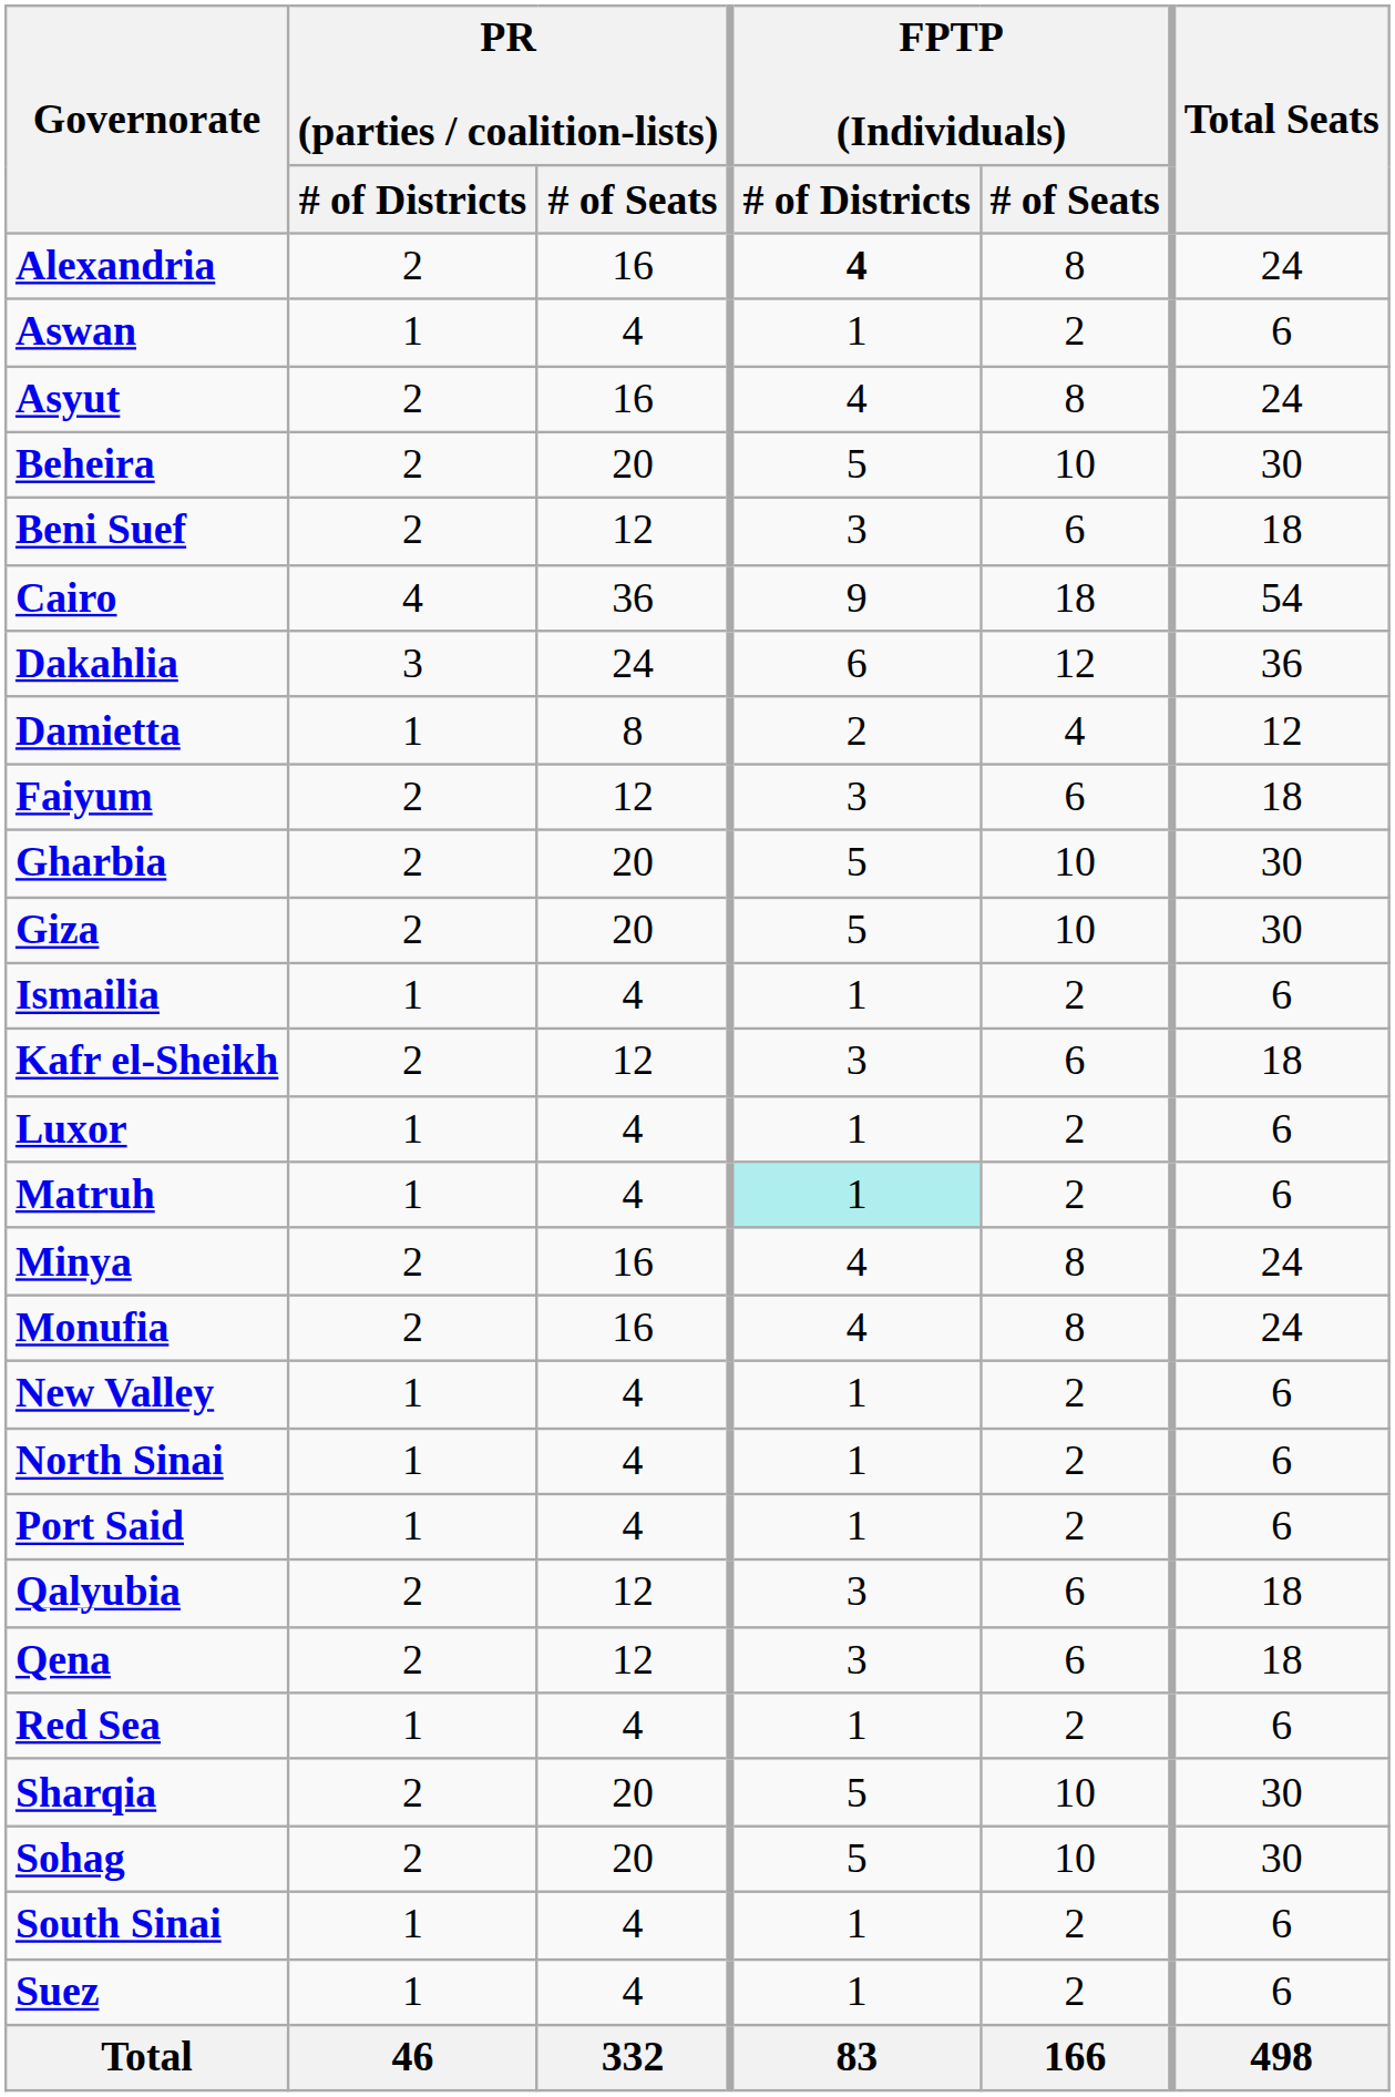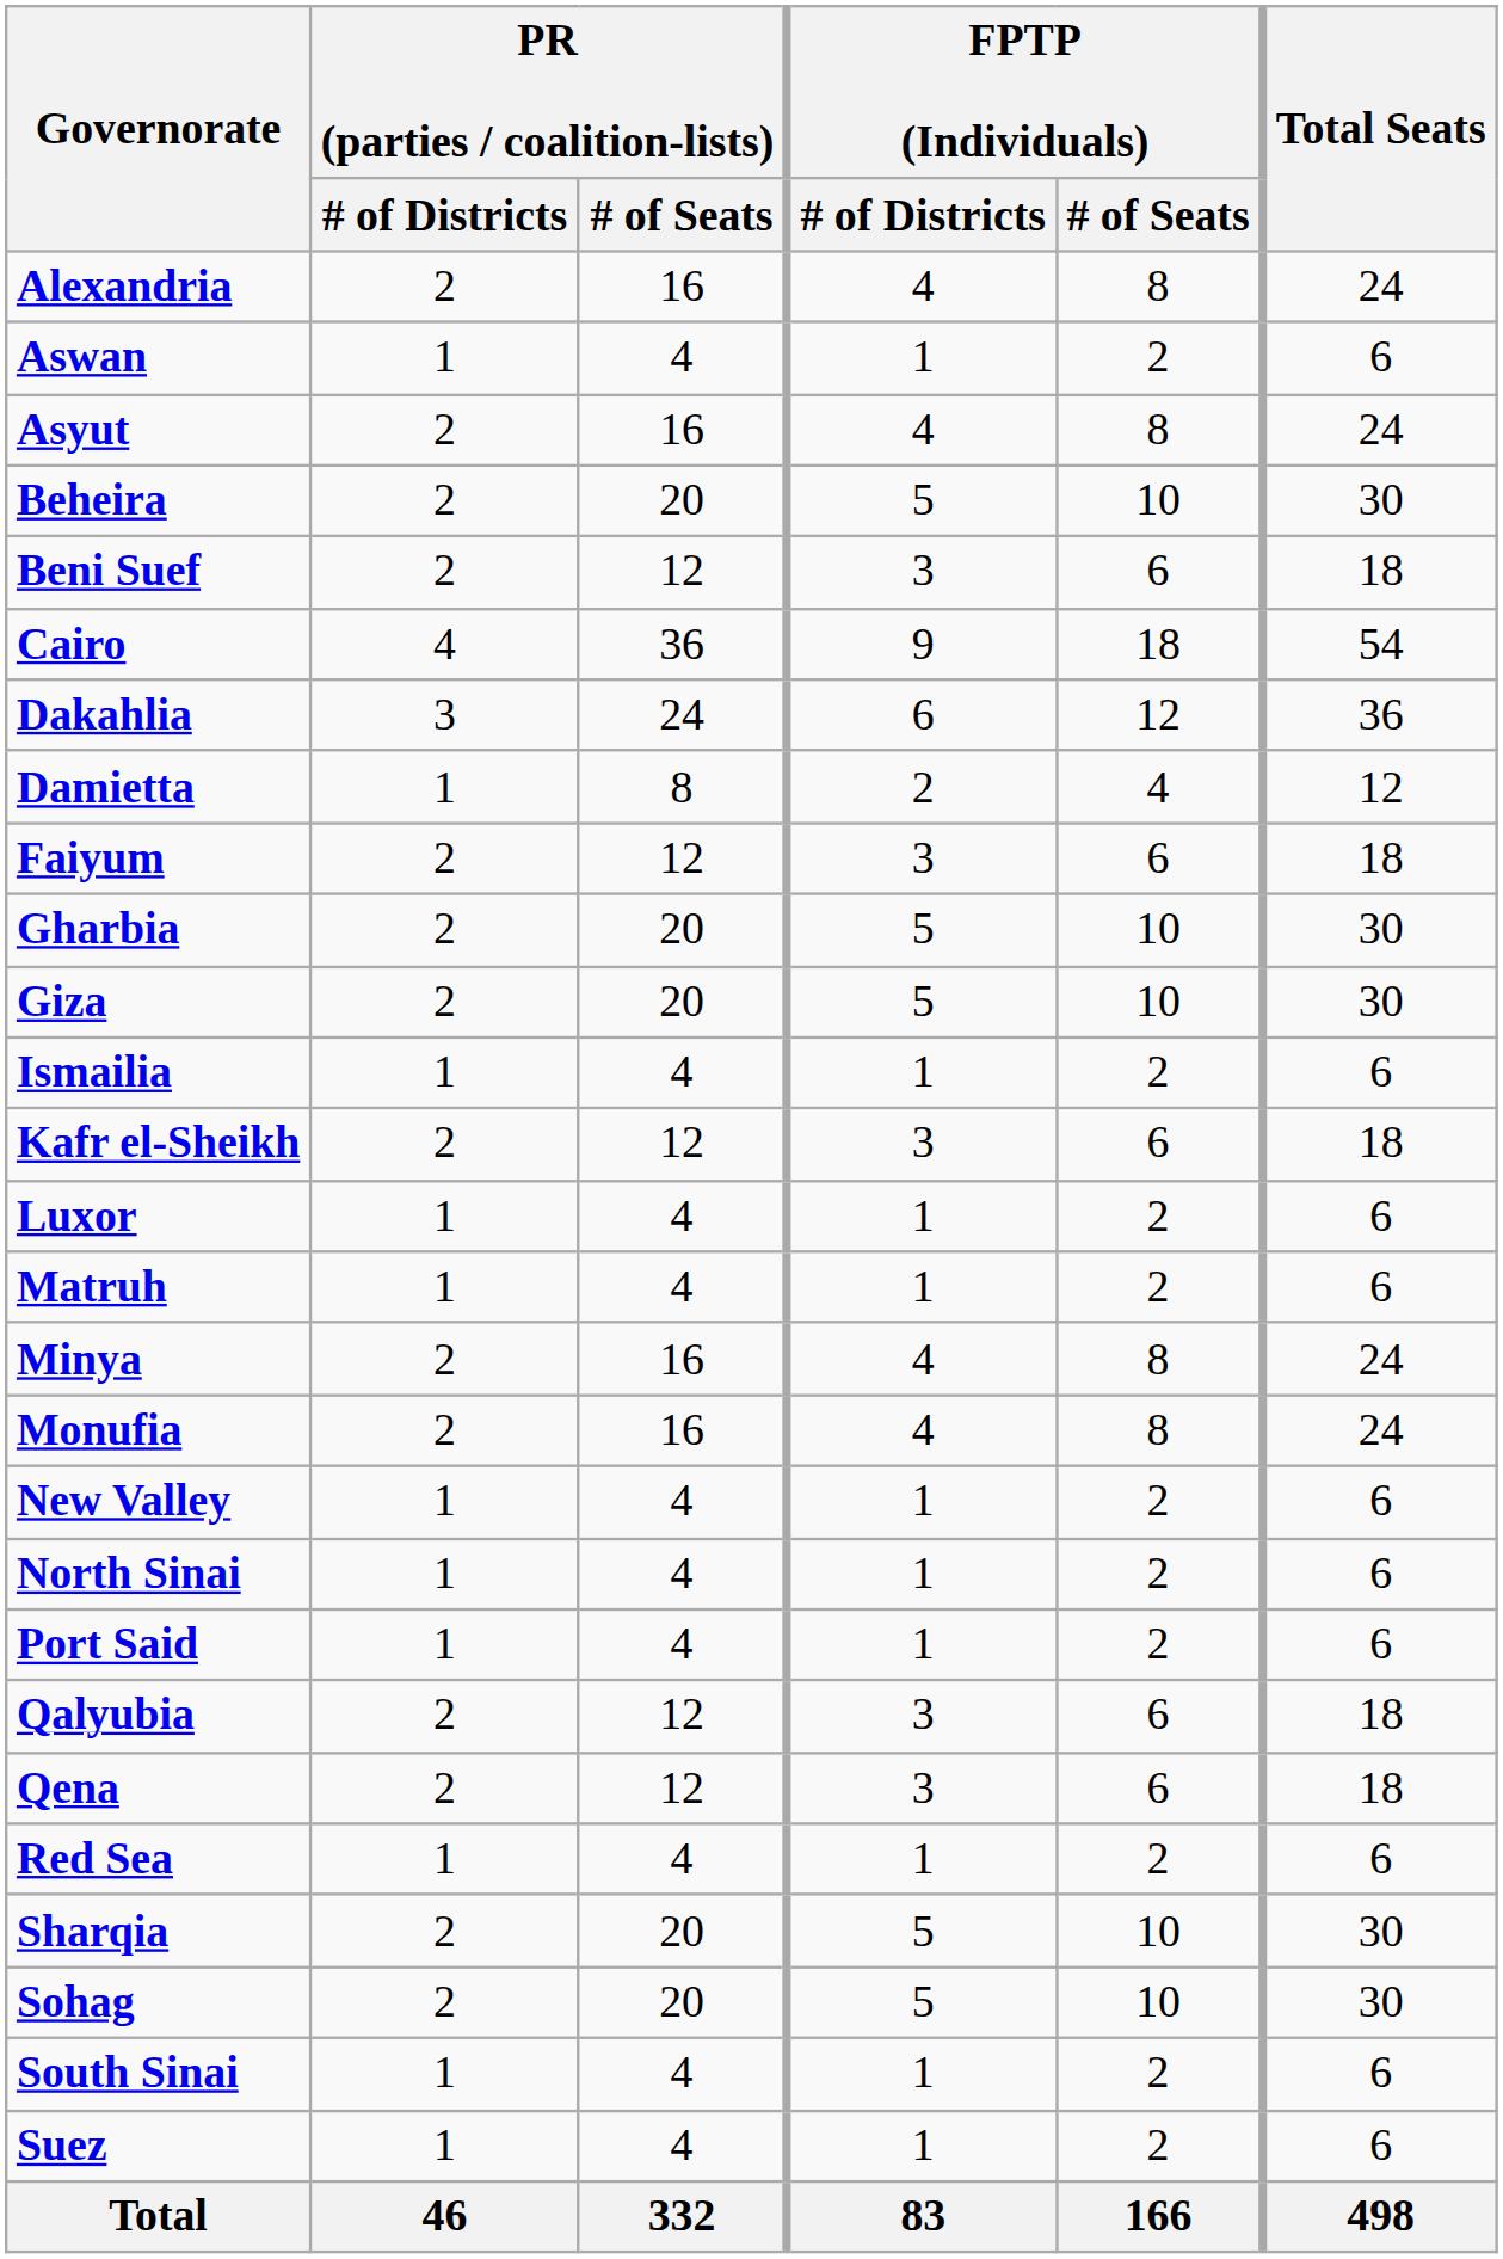 <table class="wikitable sortable">
 <tr>
 <th rowspan="2">Governorate</th>
 <th colspan="2" style="border-right: 3px solid darkgrey;">PR <br><br>(parties / coalition-lists)</th>
 <th colspan="2" style="border-right: 3px solid darkgrey;">FPTP <br><br>(Individuals)</th>
 <th rowspan="2">Total Seats</th>
 </tr>
 <tr>
 <th># of Districts</th>
 <th style="border-right: 3px solid darkgrey;"># of Seats</th>
 <th># of Districts</th>
 <th style="border-right: 3px solid darkgrey;"># of Seats</th>
 </tr>
 <tr>
 <td><strong><a href='#'>Alexandria</a></strong></td>
 <td style="text-align:center;">2</td>
 <td style="text-align:center; border-right:3px solid darkgrey;">16</td>
-<td style="text-align:center;"><strong>4</strong></td>
+<td style="text-align:center;">4</td>
 <td style="text-align:center; border-right:3px solid darkgrey;">8</td>
 <td style="text-align:center;">24</td>
 </tr>
 <tr>
 <td><strong><a href='#'>Aswan</a></strong></td>
 <td style="text-align:center;">1</td>
 <td style="text-align:center; border-right:3px solid darkgrey;">4</td>
 <td style="text-align:center;">1</td>
 <td style="text-align:center; border-right:3px solid darkgrey;">2</td>
 <td style="text-align:center;">6</td>
 </tr>
 <tr>
 <td><strong><a href='#'>Asyut</a></strong></td>
 <td style="text-align:center;">2</td>
 <td style="text-align:center; border-right:3px solid darkgrey;">16</td>
 <td style="text-align:center;">4</td>
 <td style="text-align:center; border-right:3px solid darkgrey;">8</td>
 <td style="text-align:center;">24</td>
 </tr>
 <tr>
 <td><strong><a href='#'>Beheira</a></strong></td>
 <td style="text-align:center;">2</td>
 <td style="text-align:center; border-right:3px solid darkgrey;">20</td>
 <td style="text-align:center;">5</td>
 <td style="text-align:center; border-right:3px solid darkgrey;">10</td>
 <td style="text-align:center;">30</td>
 </tr>
 <tr>
 <td><strong><a href='#'>Beni Suef</a></strong></td>
 <td style="text-align:center;">2</td>
 <td style="text-align:center; border-right:3px solid darkgrey;">12</td>
 <td style="text-align:center;">3</td>
 <td style="text-align:center; border-right:3px solid darkgrey;">6</td>
 <td style="text-align:center;">18</td>
 </tr>
 <tr>
 <td><strong><a href='#'>Cairo</a></strong></td>
 <td style="text-align:center;">4</td>
 <td style="text-align:center; border-right:3px solid darkgrey;">36</td>
 <td style="text-align:center;">9</td>
 <td style="text-align:center; border-right:3px solid darkgrey;">18</td>
 <td style="text-align:center;">54</td>
 </tr>
 <tr>
 <td><strong><a href='#'>Dakahlia</a></strong></td>
 <td style="text-align:center;">3</td>
 <td style="text-align:center; border-right:3px solid darkgrey;">24</td>
 <td style="text-align:center;">6</td>
 <td style="text-align:center; border-right:3px solid darkgrey;">12</td>
 <td style="text-align:center;">36</td>
 </tr>
 <tr>
 <td><strong><a href='#'>Damietta</a></strong></td>
 <td style="text-align:center;">1</td>
 <td style="text-align:center; border-right:3px solid darkgrey;">8</td>
 <td style="text-align:center;">2</td>
 <td style="text-align:center; border-right:3px solid darkgrey;">4</td>
 <td style="text-align:center;">12</td>
 </tr>
 <tr>
 <td><strong><a href='#'>Faiyum</a></strong></td>
 <td style="text-align:center;">2</td>
 <td style="text-align:center; border-right:3px solid darkgrey;">12</td>
 <td style="text-align:center;">3</td>
 <td style="text-align:center; border-right:3px solid darkgrey;">6</td>
 <td style="text-align:center;">18</td>
 </tr>
 <tr>
 <td><strong><a href='#'>Gharbia</a></strong></td>
 <td style="text-align:center;">2</td>
 <td style="text-align:center; border-right:3px solid darkgrey;">20</td>
 <td style="text-align:center;">5</td>
 <td style="text-align:center; border-right:3px solid darkgrey;">10</td>
 <td style="text-align:center;">30</td>
 </tr>
 <tr>
 <td><strong><a href='#'>Giza</a></strong></td>
 <td style="text-align:center;">2</td>
 <td style="text-align:center; border-right:3px solid darkgrey;">20</td>
 <td style="text-align:center;">5</td>
 <td style="text-align:center; border-right:3px solid darkgrey;">10</td>
 <td style="text-align:center;">30</td>
 </tr>
 <tr>
 <td><strong><a href='#'>Ismailia</a></strong></td>
 <td style="text-align:center;">1</td>
 <td style="text-align:center; border-right:3px solid darkgrey;">4</td>
 <td style="text-align:center;">1</td>
 <td style="text-align:center; border-right:3px solid darkgrey;">2</td>
 <td style="text-align:center;">6</td>
 </tr>
 <tr>
 <td><strong><a href='#'>Kafr el-Sheikh</a></strong></td>
 <td style="text-align:center;">2</td>
 <td style="text-align:center; border-right:3px solid darkgrey;">12</td>
 <td style="text-align:center;">3</td>
 <td style="text-align:center; border-right:3px solid darkgrey;">6</td>
 <td style="text-align:center;">18</td>
 </tr>
 <tr>
 <td><strong><a href='#'>Luxor</a></strong></td>
 <td style="text-align:center;">1</td>
 <td style="text-align:center; border-right:3px solid darkgrey;">4</td>
 <td style="text-align:center;">1</td>
 <td style="text-align:center; border-right:3px solid darkgrey;">2</td>
 <td style="text-align:center;">6</td>
 </tr>
 <tr>
 <td><strong><a href='#'>Matruh</a></strong></td>
 <td style="text-align:center;">1</td>
 <td style="text-align:center; border-right:3px solid darkgrey;">4</td>
-<td style="background: paleturquoise; text-align:center;">1</td>
+<td style="text-align:center;">1</td>
 <td style="text-align:center; border-right:3px solid darkgrey;">2</td>
 <td style="text-align:center;">6</td>
 </tr>
 <tr>
 <td><strong><a href='#'>Minya</a></strong></td>
 <td style="text-align:center;">2</td>
 <td style="text-align:center; border-right:3px solid darkgrey;">16</td>
 <td style="text-align:center;">4</td>
 <td style="text-align:center; border-right:3px solid darkgrey;">8</td>
 <td style="text-align:center;">24</td>
 </tr>
 <tr>
 <td><strong><a href='#'>Monufia</a></strong></td>
 <td style="text-align:center;">2</td>
 <td style="text-align:center; border-right:3px solid darkgrey;">16</td>
 <td style="text-align:center;">4</td>
 <td style="text-align:center; border-right:3px solid darkgrey;">8</td>
 <td style="text-align:center;">24</td>
 </tr>
 <tr>
 <td><strong><a href='#'>New Valley</a></strong></td>
 <td style="text-align:center;">1</td>
 <td style="text-align:center; border-right:3px solid darkgrey;">4</td>
 <td style="text-align:center;">1</td>
 <td style="text-align:center; border-right:3px solid darkgrey;">2</td>
 <td style="text-align:center;">6</td>
 </tr>
 <tr>
 <td><strong><a href='#'>North Sinai</a></strong></td>
 <td style="text-align:center;">1</td>
 <td style="text-align:center; border-right:3px solid darkgrey;">4</td>
 <td style="text-align:center;">1</td>
 <td style="text-align:center; border-right:3px solid darkgrey;">2</td>
 <td style="text-align:center;">6</td>
 </tr>
 <tr>
 <td><strong><a href='#'>Port Said</a></strong></td>
 <td style="text-align:center;">1</td>
 <td style="text-align:center; border-right:3px solid darkgrey;">4</td>
 <td style="text-align:center;">1</td>
 <td style="text-align:center; border-right:3px solid darkgrey;">2</td>
 <td style="text-align:center;">6</td>
 </tr>
 <tr>
 <td><strong><a href='#'>Qalyubia</a></strong></td>
 <td style="text-align:center;">2</td>
 <td style="text-align:center; border-right:3px solid darkgrey;">12</td>
 <td style="text-align:center;">3</td>
 <td style="text-align:center; border-right:3px solid darkgrey;">6</td>
 <td style="text-align:center;">18</td>
 </tr>
 <tr>
 <td><strong><a href='#'>Qena</a></strong></td>
 <td style="text-align:center;">2</td>
 <td style="text-align:center; border-right:3px solid darkgrey;">12</td>
 <td style="text-align:center;">3</td>
 <td style="text-align:center; border-right:3px solid darkgrey;">6</td>
 <td style="text-align:center;">18</td>
 </tr>
 <tr>
 <td><strong><a href='#'>Red Sea</a></strong></td>
 <td style="text-align:center;">1</td>
 <td style="text-align:center; border-right:3px solid darkgrey;">4</td>
 <td style="text-align:center;">1</td>
 <td style="text-align:center; border-right:3px solid darkgrey;">2</td>
 <td style="text-align:center;">6</td>
 </tr>
 <tr>
 <td><strong><a href='#'>Sharqia</a></strong></td>
 <td style="text-align:center;">2</td>
 <td style="text-align:center; border-right:3px solid darkgrey;">20</td>
 <td style="text-align:center;">5</td>
 <td style="text-align:center; border-right:3px solid darkgrey;">10</td>
 <td style="text-align:center;">30</td>
 </tr>
 <tr>
 <td><strong><a href='#'>Sohag</a></strong></td>
 <td style="text-align:center;">2</td>
 <td style="text-align:center; border-right:3px solid darkgrey;">20</td>
 <td style="text-align:center;">5</td>
 <td style="text-align:center; border-right:3px solid darkgrey;">10</td>
 <td style="text-align:center;">30</td>
 </tr>
 <tr>
 <td><strong><a href='#'>South Sinai</a></strong></td>
 <td style="text-align:center;">1</td>
 <td style="text-align:center; border-right:3px solid darkgrey;">4</td>
 <td style="text-align:center;">1</td>
 <td style="text-align:center; border-right:3px solid darkgrey;">2</td>
 <td style="text-align:center;">6</td>
 </tr>
 <tr>
 <td><strong><a href='#'>Suez</a></strong></td>
 <td style="text-align:center;">1</td>
 <td style="text-align:center; border-right:3px solid darkgrey;">4</td>
 <td style="text-align:center;">1</td>
 <td style="text-align:center; border-right:3px solid darkgrey;">2</td>
 <td style="text-align:center;">6</td>
 </tr>
 <tr>
 <th>Total</th>
 <th>46</th>
 <th style="border-right: 3px solid darkgrey;">332</th>
 <th>83</th>
 <th style="border-right: 3px solid darkgrey;">166</th>
 <th>498</th>
 </tr>
 </table>
